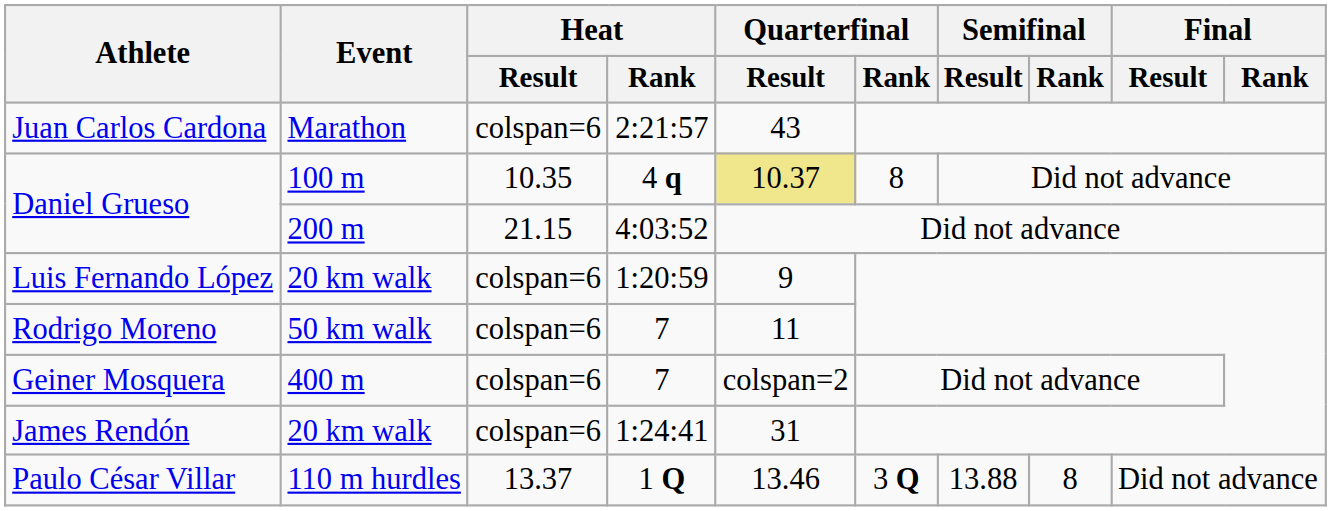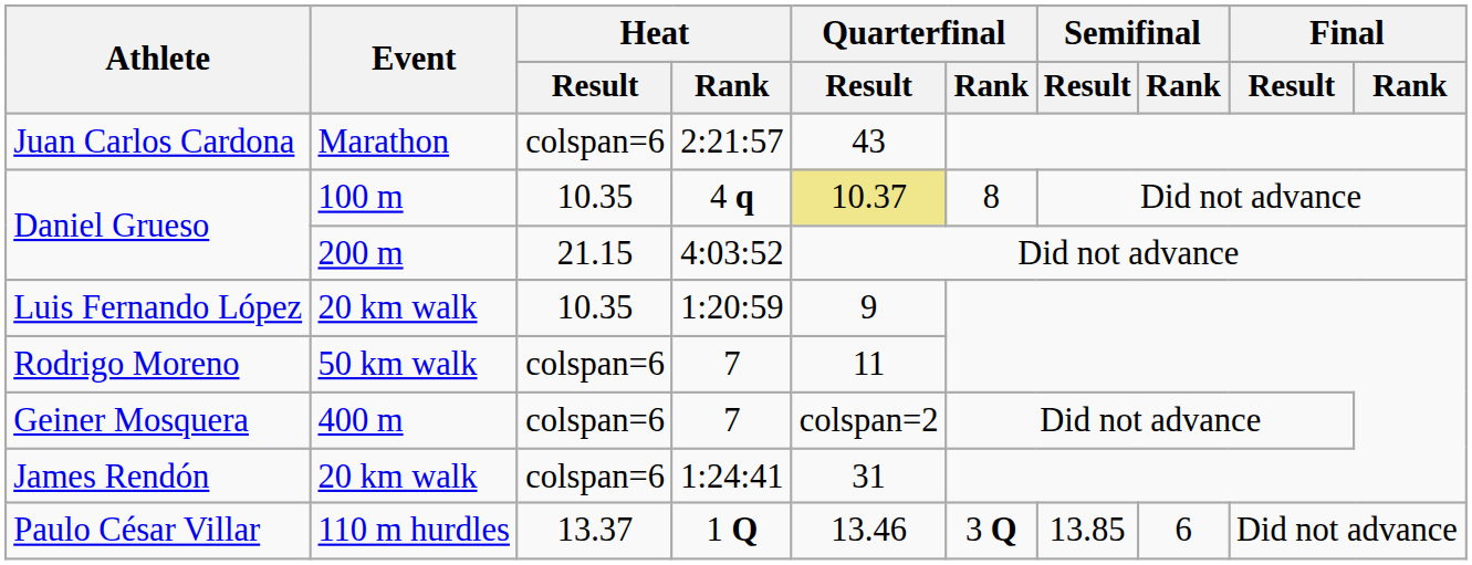 <table class=wikitable style="font-size:90%">
 <tr>
 <th rowspan="2">Athlete</th>
 <th rowspan="2">Event</th>
 <th colspan="2">Heat</th>
 <th colspan="2">Quarterfinal</th>
 <th colspan="2">Semifinal</th>
 <th colspan="2">Final</th>
 </tr>
 <tr style="font-size:95%">
 <th>Result</th>
 <th>Rank</th>
 <th>Result</th>
 <th>Rank</th>
 <th>Result</th>
 <th>Rank</th>
 <th>Result</th>
 <th>Rank</th>
 </tr>
 <tr align=center>
 <td align=left><a href='#'>Juan Carlos Cardona</a></td>
 <td align=left><a href='#'>Marathon</a></td>
 <td>colspan=6 </td>
 <td>2:21:57</td>
 <td>43</td>
 </tr>
 <tr align=center>
 <td align=left rowspan=2><a href='#'>Daniel Grueso</a></td>
 <td align=left><a href='#'>100 m</a></td>
 <td>10.35</td>
 <td>4 <strong>q</strong></td>
 <td style="background: khaki;">10.37</td>
 <td>8</td>
 <td colspan=6>Did not advance</td>
 </tr>
 <tr align=center>
 <td align=left><a href='#'>200 m</a></td>
 <td>21.15</td>
 <td>4:03:52</td>
 <td colspan=6>Did not advance</td>
 </tr>
 <tr align=center>
 <td align=left><a href='#'>Luis Fernando López</a></td>
 <td align=left><a href='#'>20 km walk</a></td>
-<td>colspan=6 </td>
+<td>10.35</td>
 <td>1:20:59</td>
 <td>9</td>
 </tr>
 <tr align=center>
 <td align=left><a href='#'>Rodrigo Moreno</a></td>
 <td align=left><a href='#'>50 km walk</a></td>
 <td>colspan=6 </td>
 <td>7</td>
 <td>11</td>
 </tr>
 <tr align=center>
 <td align=left><a href='#'>Geiner Mosquera</a></td>
 <td align=left><a href='#'>400 m</a></td>
 <td>colspan=6 </td>
 <td>7</td>
 <td>colspan=2 </td>
 <td colspan=4>Did not advance</td>
 </tr>
 <tr align=center>
 <td align=left><a href='#'>James Rendón</a></td>
 <td align=left><a href='#'>20 km walk</a></td>
 <td>colspan=6 </td>
 <td>1:24:41</td>
 <td>31</td>
 </tr>
 <tr align=center>
 <td align=left><a href='#'>Paulo César Villar</a></td>
 <td align=left><a href='#'>110 m hurdles</a></td>
 <td>13.37</td>
 <td>1 <strong>Q</strong></td>
 <td>13.46</td>
 <td>3 <strong>Q</strong></td>
-<td>13.88</td>
-<td>8</td>
+<td>13.85</td>
+<td>6</td>
 <td colspan=2>Did not advance</td>
 </tr>
 </table>
